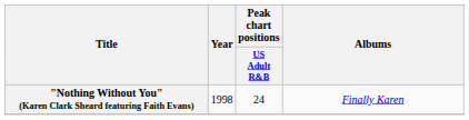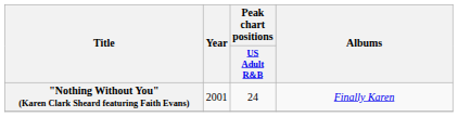 <table class="wikitable plainrowheaders" style="text-align:center;" border="1">
 <tr>
 <th scope="col" rowspan="2" style="width:18em;">Title</th>
 <th scope="col" rowspan="2" style="width:1em;">Year</th>
 <th scope="col" colspan="1">Peak chart positions</th>
 <th scope="col" rowspan="2" style="width:16em;">Albums</th>
 </tr>
 <tr>
 <th scope="col" style="width:3em;font-size:85%;"><a href='#'>US<br>Adult<br>R&B</a><br></th>
 </tr>
 <tr>
 <th scope="row">"Nothing Without You" <br> <small>(Karen Clark Sheard featuring Faith Evans)</small></th>
-<td>1998</td>
+<td>2001</td>
 <td>24</td>
 <td><em><a href='#'>Finally Karen</a></em></td>
 </tr>
 <tr>
 </tr>
 </table>
